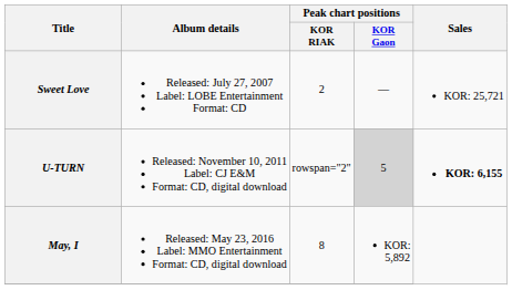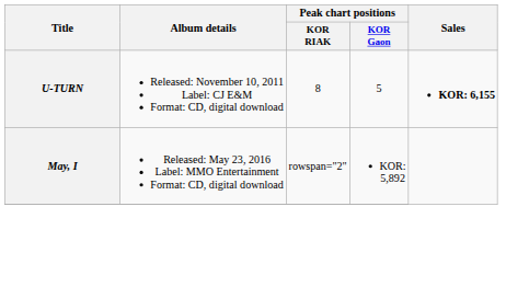 <table class="wikitable plainrowheaders" style="text-align:center;">
 <tr>
 <th rowspan="2" style="width:10em;">Title</th>
 <th rowspan="2">Album details</th>
 <th colspan="2">Peak chart positions</th>
 <th rowspan="2">Sales</th>
 </tr>
 <tr>
 <th scope="col" style="width:3em;font-size:90%;">KOR<br>RIAK<br></th>
 <th scope="col" style="width:3em;font-size:90%;"><a href='#'>KOR<br>Gaon</a><br></th>
 </tr>
 <tr>
-<th scope="row"><em>Sweet Love</em></th>
-<td><br><ul><li>Released: July 27, 2007</li><li>Label: LOBE Entertainment</li><li>Format: CD</li></ul></td>
-<td>2</td>
-<td>—</td>
-<td><br><ul><li>KOR: 25,721</li></ul></td>
-</tr>
-<tr>
 <th scope="row"><em>U-TURN</em></th>
 <td><br><ul><li>Released: November 10, 2011</li><li>Label: CJ E&M</li><li>Format: CD, digital download</li></ul></td>
-<td>rowspan="2" </td>
-<td style="background: lightgrey;">5</td>
+<td>8</td>
+<td>5</td>
 <td><strong><br><ul><li>KOR: 6,155</li></ul></strong></td>
 </tr>
 <tr>
 <th scope="row"><em>May, I</em></th>
 <td><br><ul><li>Released: May 23, 2016</li><li>Label: MMO Entertainment</li><li>Format: CD, digital download</li></ul></td>
-<td>8</td>
+<td>rowspan="2" </td>
 <td><br><ul><li>KOR: 5,892</li></ul></td>
 </tr>
 <tr>
 </tr>
 </table>
